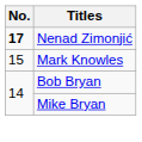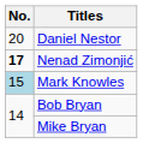 <table class="wikitable" style="display: inline-table;">
 <tr>
 <th width=20>No.</th>
 <th>Titles</th>
 </tr>
 <tr>
+<td>20</td>
+<td> <a href='#'>Daniel Nestor</a></td>
+</tr>
+<tr>
 <td><strong>17</strong></td>
 <td> <a href='#'>Nenad Zimonjić</a></td>
 </tr>
 <tr>
-<td>15</td>
+<td style="background: lightblue;">15</td>
 <td> <a href='#'>Mark Knowles</a></td>
 </tr>
 <tr>
 <td rowspan="2">14</td>
 <td> <a href='#'>Bob Bryan</a></td>
 </tr>
 <tr>
 <td> <a href='#'>Mike Bryan</a></td>
 </tr>
 </table>
